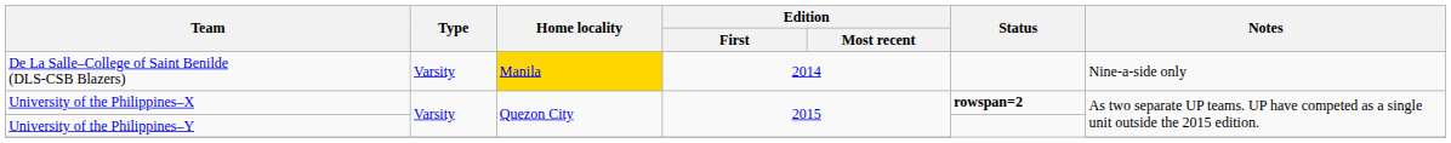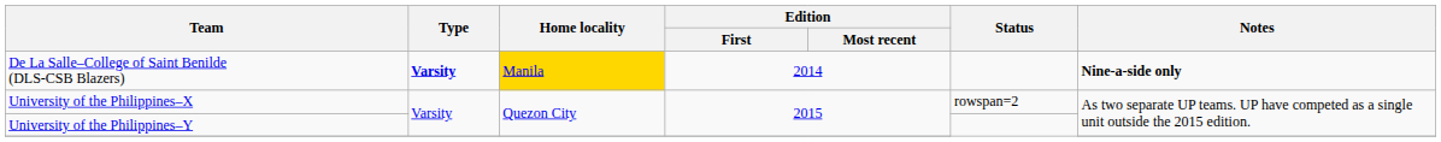 <table class="wikitable" style="width:100%;">
 <tr>
 <th rowspan=2>Team</th>
 <th rowspan=2>Type</th>
 <th rowspan=2>Home locality</th>
 <th colspan=2>Edition</th>
 <th rowspan=2>Status</th>
 <th rowspan=2 width=25%>Notes</th>
 </tr>
 <tr>
 <th width=10%>First</th>
 <th width=10%>Most recent</th>
 </tr>
 <tr>
 <td style="text-align:left;"><a href='#'>De La Salle–College of Saint Benilde</a><br>(DLS-CSB Blazers)</td>
-<td><a href='#'>Varsity</a><br></td>
+<td><strong><a href='#'>Varsity</a><br></strong></td>
 <td style="background: gold;"><a href='#'>Manila</a></td>
 <td style="text-align:center;" colspan=2><a href='#'>2014</a></td>
 <td></td>
-<td>Nine-a-side only</td>
+<td><strong>Nine-a-side only</strong></td>
 </tr>
 <tr>
 <td style="text-align:left;"><a href='#'>University of the Philippines–X</a></td>
 <td rowspan=2><a href='#'>Varsity</a><br></td>
 <td rowspan=2><a href='#'>Quezon City</a></td>
 <td style="text-align:center;" rowspan=2  colspan=2><a href='#'>2015</a></td>
-<td><strong>rowspan=2 </strong></td>
+<td>rowspan=2 </td>
 <td rowspan=2>As two separate UP teams. UP have competed as a single unit outside the 2015 edition.</td>
 </tr>
 <tr>
 <td style="text-align:left;"><a href='#'>University of the Philippines–Y</a></td>
 </tr>
 <tr>
 </tr>
 </table>
